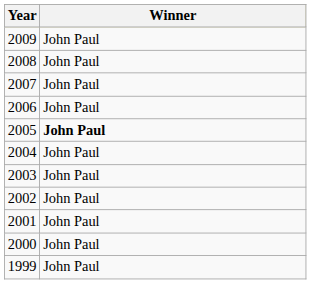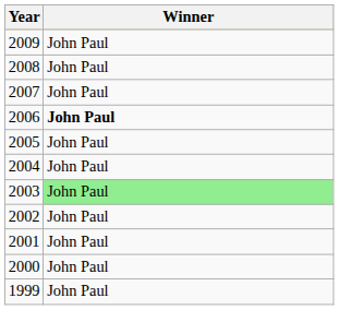 <table class="wikitable">
 <tr bgcolor=#bdb76b>
 <th style="width:2em;">Year</th>
 <th style="width:18em;">Winner</th>
 </tr>
 <tr>
 <td>2009</td>
 <td>John Paul</td>
 </tr>
 <tr>
 <td>2008</td>
 <td>John Paul</td>
 </tr>
 <tr>
 <td>2007</td>
 <td>John Paul</td>
 </tr>
 <tr>
 <td>2006</td>
-<td>John Paul</td>
+<td><strong>John Paul</strong></td>
 </tr>
 <tr>
 <td>2005</td>
-<td><strong>John Paul</strong></td>
+<td>John Paul</td>
 </tr>
 <tr>
 <td>2004</td>
 <td>John Paul</td>
 </tr>
 <tr>
 <td>2003</td>
-<td>John Paul</td>
+<td style="background: lightgreen;">John Paul</td>
 </tr>
 <tr>
 <td>2002</td>
 <td>John Paul</td>
 </tr>
 <tr>
 <td>2001</td>
 <td>John Paul</td>
 </tr>
 <tr>
 <td>2000</td>
 <td>John Paul</td>
 </tr>
 <tr>
 <td>1999</td>
 <td>John Paul</td>
 </tr>
 </table>
